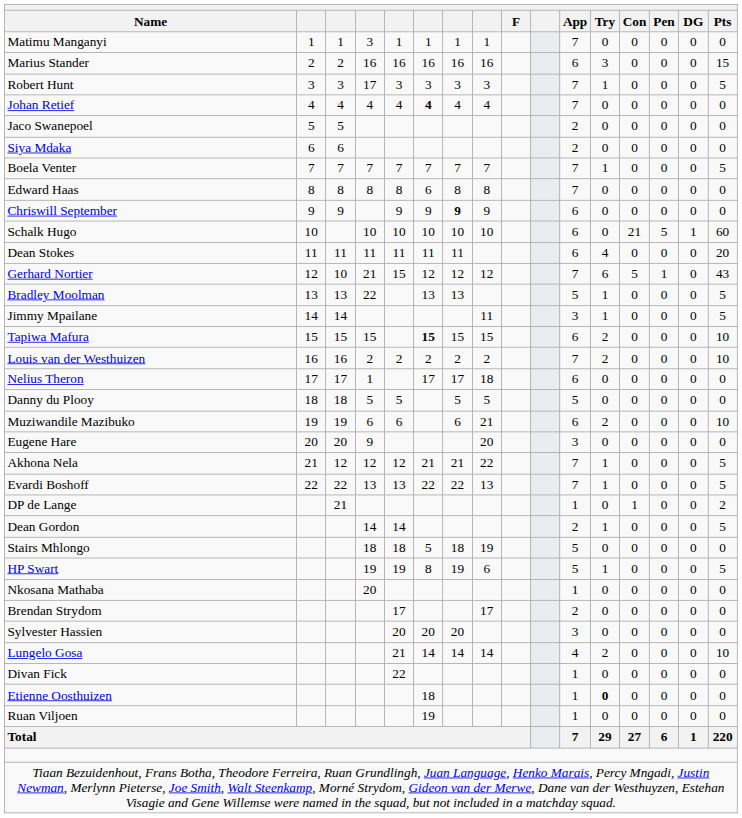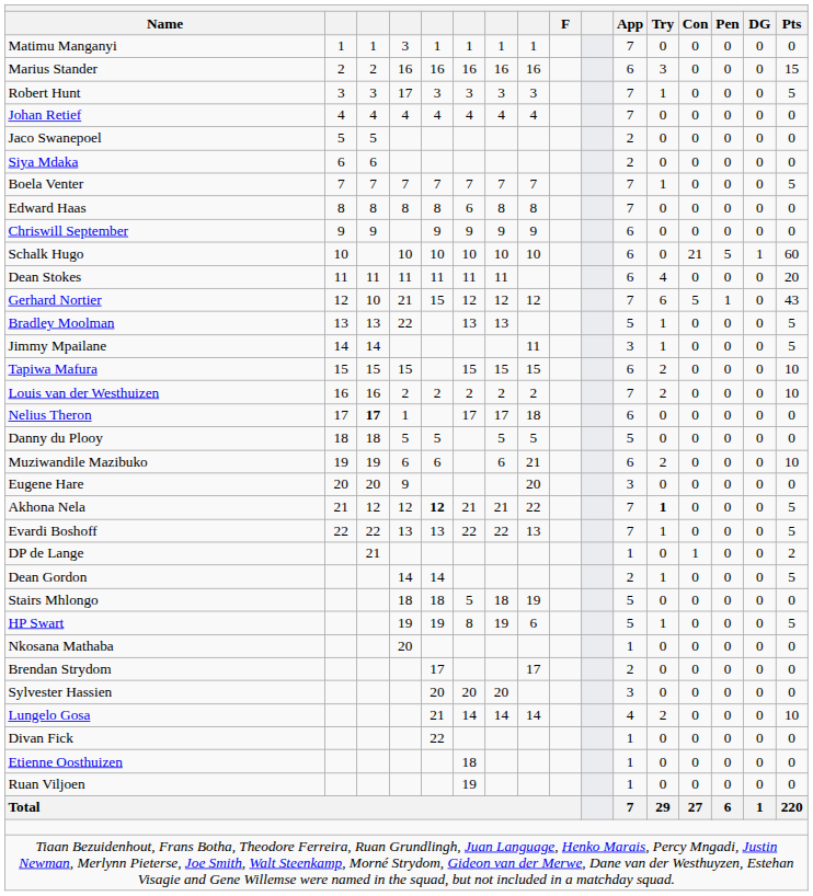 <table class="wikitable collapsible collapsed" style="text-align:center; font-size:100%; width:100%">
 <tr>
 <th colspan="100%"></th>
 </tr>
 <tr>
 <th style="width:40%;">Name</th>
 <th style="width:4%;"></th>
 <th style="width:4%;"></th>
 <th style="width:4%;"></th>
 <th style="width:4%;"></th>
 <th style="width:4%;"></th>
 <th style="width:4%;"></th>
 <th style="width:4%;"></th>
 <th style="width:4%;">F</th>
 <th style="width:4%;"></th>
 <th style="width:4%;">App</th>
 <th style="width:4%;">Try</th>
 <th style="width:4%;">Con</th>
 <th style="width:4%;">Pen</th>
 <th style="width:4%;">DG</th>
 <th style="width:4%;">Pts</th>
 </tr>
 <tr>
 <td style="text-align:left;">Matimu Manganyi</td>
 <td>1</td>
 <td>1</td>
 <td>3</td>
 <td>1</td>
 <td>1</td>
 <td>1</td>
 <td>1</td>
 <td></td>
 <td style="background:#EBECF0;"></td>
 <td>7</td>
 <td>0</td>
 <td>0</td>
 <td>0</td>
 <td>0</td>
 <td>0</td>
 </tr>
 <tr>
 <td style="text-align:left;">Marius Stander</td>
 <td>2</td>
 <td>2</td>
 <td>16</td>
 <td>16 </td>
 <td>16 </td>
 <td>16 </td>
 <td>16 </td>
 <td></td>
 <td style="background:#EBECF0;"></td>
 <td>6</td>
 <td>3</td>
 <td>0</td>
 <td>0</td>
 <td>0</td>
 <td>15</td>
 </tr>
 <tr>
 <td style="text-align:left;">Robert Hunt</td>
 <td>3</td>
 <td>3</td>
 <td>17 </td>
 <td>3</td>
 <td>3</td>
 <td>3</td>
 <td>3</td>
 <td></td>
 <td style="background:#EBECF0;"></td>
 <td>7</td>
 <td>1</td>
 <td>0</td>
 <td>0</td>
 <td>0</td>
 <td>5</td>
 </tr>
 <tr>
 <td style="text-align:left;"><a href='#'>Johan Retief</a></td>
 <td>4</td>
 <td>4</td>
 <td>4</td>
 <td>4</td>
-<td><strong>4</strong></td>
+<td>4</td>
 <td>4</td>
 <td>4</td>
 <td></td>
 <td style="background:#EBECF0;"></td>
 <td>7</td>
 <td>0</td>
 <td>0</td>
 <td>0</td>
 <td>0</td>
 <td>0</td>
 </tr>
 <tr>
 <td style="text-align:left;">Jaco Swanepoel</td>
 <td>5</td>
 <td>5</td>
 <td></td>
 <td></td>
 <td></td>
 <td></td>
 <td></td>
 <td></td>
 <td style="background:#EBECF0;"></td>
 <td>2</td>
 <td>0</td>
 <td>0</td>
 <td>0</td>
 <td>0</td>
 <td>0</td>
 </tr>
 <tr>
 <td style="text-align:left;"><a href='#'>Siya Mdaka</a></td>
 <td>6</td>
 <td>6</td>
 <td></td>
 <td></td>
 <td></td>
 <td></td>
 <td></td>
 <td></td>
 <td style="background:#EBECF0;"></td>
 <td>2</td>
 <td>0</td>
 <td>0</td>
 <td>0</td>
 <td>0</td>
 <td>0</td>
 </tr>
 <tr>
 <td style="text-align:left;">Boela Venter</td>
 <td>7</td>
 <td>7</td>
 <td>7</td>
 <td>7</td>
 <td>7</td>
 <td>7</td>
 <td>7</td>
 <td></td>
 <td style="background:#EBECF0;"></td>
 <td>7</td>
 <td>1</td>
 <td>0</td>
 <td>0</td>
 <td>0</td>
 <td>5</td>
 </tr>
 <tr>
 <td style="text-align:left;">Edward Haas</td>
 <td>8</td>
 <td>8</td>
 <td>8</td>
 <td>8</td>
 <td>6</td>
 <td>8</td>
 <td>8</td>
 <td></td>
 <td style="background:#EBECF0;"></td>
 <td>7</td>
 <td>0</td>
 <td>0</td>
 <td>0</td>
 <td>0</td>
 <td>0</td>
 </tr>
 <tr>
 <td style="text-align:left;"><a href='#'>Chriswill September</a></td>
 <td>9</td>
 <td>9</td>
 <td></td>
 <td>9</td>
 <td>9</td>
-<td><strong>9</strong></td>
+<td>9</td>
 <td>9</td>
 <td></td>
 <td style="background:#EBECF0;"></td>
 <td>6</td>
 <td>0</td>
 <td>0</td>
 <td>0</td>
 <td>0</td>
 <td>0</td>
 </tr>
 <tr>
 <td style="text-align:left;">Schalk Hugo</td>
 <td>10</td>
 <td></td>
 <td>10</td>
 <td>10</td>
 <td>10</td>
 <td>10</td>
 <td>10</td>
 <td></td>
 <td style="background:#EBECF0;"></td>
 <td>6</td>
 <td>0</td>
 <td>21</td>
 <td>5</td>
 <td>1</td>
 <td>60</td>
 </tr>
 <tr>
 <td style="text-align:left;">Dean Stokes</td>
 <td>11</td>
 <td>11</td>
 <td>11</td>
 <td>11</td>
 <td>11</td>
 <td>11</td>
 <td></td>
 <td></td>
 <td style="background:#EBECF0;"></td>
 <td>6</td>
 <td>4</td>
 <td>0</td>
 <td>0</td>
 <td>0</td>
 <td>20</td>
 </tr>
 <tr>
 <td style="text-align:left;"><a href='#'>Gerhard Nortier</a></td>
 <td>12</td>
 <td>10</td>
 <td>21 </td>
 <td>15</td>
 <td>12</td>
 <td>12</td>
 <td>12</td>
 <td></td>
 <td style="background:#EBECF0;"></td>
 <td>7</td>
 <td>6</td>
 <td>5</td>
 <td>1</td>
 <td>0</td>
 <td>43</td>
 </tr>
 <tr>
 <td style="text-align:left;"><a href='#'>Bradley Moolman</a></td>
 <td>13</td>
 <td>13</td>
 <td>22 </td>
 <td></td>
 <td>13</td>
 <td>13</td>
 <td></td>
 <td></td>
 <td style="background:#EBECF0;"></td>
 <td>5</td>
 <td>1</td>
 <td>0</td>
 <td>0</td>
 <td>0</td>
 <td>5</td>
 </tr>
 <tr>
 <td style="text-align:left;">Jimmy Mpailane</td>
 <td>14</td>
 <td>14</td>
 <td></td>
 <td></td>
 <td></td>
 <td></td>
 <td>11</td>
 <td></td>
 <td style="background:#EBECF0;"></td>
 <td>3</td>
 <td>1</td>
 <td>0</td>
 <td>0</td>
 <td>0</td>
 <td>5</td>
 </tr>
 <tr>
 <td style="text-align:left;"><a href='#'>Tapiwa Mafura</a></td>
 <td>15</td>
 <td>15</td>
 <td>15</td>
 <td></td>
-<td><strong>15</strong></td>
+<td>15</td>
 <td>15</td>
 <td>15</td>
 <td></td>
 <td style="background:#EBECF0;"></td>
 <td>6</td>
 <td>2</td>
 <td>0</td>
 <td>0</td>
 <td>0</td>
 <td>10</td>
 </tr>
 <tr>
 <td style="text-align:left;"><a href='#'>Louis van der Westhuizen</a></td>
 <td>16 </td>
 <td>16 </td>
 <td>2</td>
 <td>2</td>
 <td>2</td>
 <td>2</td>
 <td>2</td>
 <td></td>
 <td style="background:#EBECF0;"></td>
 <td>7</td>
 <td>2</td>
 <td>0</td>
 <td>0</td>
 <td>0</td>
 <td>10</td>
 </tr>
 <tr>
 <td style="text-align:left;"><a href='#'>Nelius Theron</a></td>
 <td>17 </td>
-<td>17 </td>
+<td><strong>17 </strong></td>
 <td>1</td>
 <td></td>
 <td>17 </td>
 <td>17 </td>
 <td>18 </td>
 <td></td>
 <td style="background:#EBECF0;"></td>
 <td>6</td>
 <td>0</td>
 <td>0</td>
 <td>0</td>
 <td>0</td>
 <td>0</td>
 </tr>
 <tr>
 <td style="text-align:left;">Danny du Plooy</td>
 <td>18</td>
 <td>18 </td>
 <td>5</td>
 <td>5</td>
 <td></td>
 <td>5</td>
 <td>5</td>
 <td></td>
 <td style="background:#EBECF0;"></td>
 <td>5</td>
 <td>0</td>
 <td>0</td>
 <td>0</td>
 <td>0</td>
 <td>0</td>
 </tr>
 <tr>
 <td style="text-align:left;">Muziwandile Mazibuko</td>
 <td>19 </td>
 <td>19 </td>
 <td>6</td>
 <td>6</td>
 <td></td>
 <td>6</td>
 <td>21 </td>
 <td></td>
 <td style="background:#EBECF0;"></td>
 <td>6</td>
 <td>2</td>
 <td>0</td>
 <td>0</td>
 <td>0</td>
 <td>10</td>
 </tr>
 <tr>
 <td style="text-align:left;">Eugene Hare</td>
 <td>20</td>
 <td>20 </td>
 <td>9</td>
 <td></td>
 <td></td>
 <td></td>
 <td>20 </td>
 <td></td>
 <td style="background:#EBECF0;"></td>
 <td>3</td>
 <td>0</td>
 <td>0</td>
 <td>0</td>
 <td>0</td>
 <td>0</td>
 </tr>
 <tr>
 <td style="text-align:left;">Akhona Nela</td>
 <td>21 </td>
 <td>12</td>
 <td>12</td>
-<td>12</td>
+<td><strong>12</strong></td>
 <td>21 </td>
 <td>21 </td>
 <td>22 </td>
 <td></td>
 <td style="background:#EBECF0;"></td>
 <td>7</td>
-<td>1</td>
+<td><strong>1</strong></td>
 <td>0</td>
 <td>0</td>
 <td>0</td>
 <td>5</td>
 </tr>
 <tr>
 <td style="text-align:left;">Evardi Boshoff</td>
 <td>22 </td>
 <td>22 </td>
 <td>13</td>
 <td>13</td>
 <td>22 </td>
 <td>22 </td>
 <td>13</td>
 <td></td>
 <td style="background:#EBECF0;"></td>
 <td>7</td>
 <td>1</td>
 <td>0</td>
 <td>0</td>
 <td>0</td>
 <td>5</td>
 </tr>
 <tr>
 <td style="text-align:left;">DP de Lange</td>
 <td></td>
 <td>21 </td>
 <td></td>
 <td></td>
 <td></td>
 <td></td>
 <td></td>
 <td></td>
 <td style="background:#EBECF0;"></td>
 <td>1</td>
 <td>0</td>
 <td>1</td>
 <td>0</td>
 <td>0</td>
 <td>2</td>
 </tr>
 <tr>
 <td style="text-align:left;">Dean Gordon</td>
 <td></td>
 <td></td>
 <td>14</td>
 <td>14</td>
 <td></td>
 <td></td>
 <td></td>
 <td></td>
 <td style="background:#EBECF0;"></td>
 <td>2</td>
 <td>1</td>
 <td>0</td>
 <td>0</td>
 <td>0</td>
 <td>5</td>
 </tr>
 <tr>
 <td style="text-align:left;">Stairs Mhlongo</td>
 <td></td>
 <td></td>
 <td>18 </td>
 <td>18 </td>
 <td>5</td>
 <td>18 </td>
 <td>19 </td>
 <td></td>
 <td style="background:#EBECF0;"></td>
 <td>5</td>
 <td>0</td>
 <td>0</td>
 <td>0</td>
 <td>0</td>
 <td>0</td>
 </tr>
 <tr>
 <td style="text-align:left;"><a href='#'>HP Swart</a></td>
 <td></td>
 <td></td>
 <td>19 </td>
 <td>19 </td>
 <td>8</td>
 <td>19 </td>
 <td>6</td>
 <td></td>
 <td style="background:#EBECF0;"></td>
 <td>5</td>
 <td>1</td>
 <td>0</td>
 <td>0</td>
 <td>0</td>
 <td>5</td>
 </tr>
 <tr>
 <td style="text-align:left;">Nkosana Mathaba</td>
 <td></td>
 <td></td>
 <td>20 </td>
 <td></td>
 <td></td>
 <td></td>
 <td></td>
 <td></td>
 <td style="background:#EBECF0;"></td>
 <td>1</td>
 <td>0</td>
 <td>0</td>
 <td>0</td>
 <td>0</td>
 <td>0</td>
 </tr>
 <tr>
 <td style="text-align:left;">Brendan Strydom</td>
 <td></td>
 <td></td>
 <td></td>
 <td>17 </td>
 <td></td>
 <td></td>
 <td>17 </td>
 <td></td>
 <td style="background:#EBECF0;"></td>
 <td>2</td>
 <td>0</td>
 <td>0</td>
 <td>0</td>
 <td>0</td>
 <td>0</td>
 </tr>
 <tr>
 <td style="text-align:left;">Sylvester Hassien</td>
 <td></td>
 <td></td>
 <td></td>
 <td>20 </td>
 <td>20 </td>
 <td>20 </td>
 <td></td>
 <td></td>
 <td style="background:#EBECF0;"></td>
 <td>3</td>
 <td>0</td>
 <td>0</td>
 <td>0</td>
 <td>0</td>
 <td>0</td>
 </tr>
 <tr>
 <td style="text-align:left;"><a href='#'>Lungelo Gosa</a></td>
 <td></td>
 <td></td>
 <td></td>
 <td>21 </td>
 <td>14</td>
 <td>14</td>
 <td>14</td>
 <td></td>
 <td style="background:#EBECF0;"></td>
 <td>4</td>
 <td>2</td>
 <td>0</td>
 <td>0</td>
 <td>0</td>
 <td>10</td>
 </tr>
 <tr>
 <td style="text-align:left;">Divan Fick</td>
 <td></td>
 <td></td>
 <td></td>
 <td>22 </td>
 <td></td>
 <td></td>
 <td></td>
 <td></td>
 <td style="background:#EBECF0;"></td>
 <td>1</td>
 <td>0</td>
 <td>0</td>
 <td>0</td>
 <td>0</td>
 <td>0</td>
 </tr>
 <tr>
 <td style="text-align:left;"><a href='#'>Etienne Oosthuizen</a></td>
 <td></td>
 <td></td>
 <td></td>
 <td></td>
 <td>18 </td>
 <td></td>
 <td></td>
 <td></td>
 <td style="background:#EBECF0;"></td>
 <td>1</td>
-<td><strong>0</strong></td>
+<td>0</td>
 <td>0</td>
 <td>0</td>
 <td>0</td>
 <td>0</td>
 </tr>
 <tr>
 <td style="text-align:left;">Ruan Viljoen</td>
 <td></td>
 <td></td>
 <td></td>
 <td></td>
 <td>19 </td>
 <td></td>
 <td></td>
 <td></td>
 <td style="background:#EBECF0;"></td>
 <td>1</td>
 <td>0</td>
 <td>0</td>
 <td>0</td>
 <td>0</td>
 <td>0</td>
 </tr>
 <tr>
 <th colspan="9" style="text-align:left;">Total</th>
 <th style="background:#EBECF0;"></th>
 <th>7</th>
 <th>29</th>
 <th>27</th>
 <th>6</th>
 <th>1</th>
 <th>220</th>
 </tr>
 <tr class="sortbottom">
 <td colspan="100%" style="height: 10px;"></td>
 </tr>
 <tr class="sortbottom">
 <td colspan="100%" style="text-align:center;"><em>Tiaan Bezuidenhout, Frans Botha, Theodore Ferreira, Ruan Grundlingh, <a href='#'>Juan Language</a>, <a href='#'>Henko Marais</a>, Percy Mngadi, <a href='#'>Justin Newman</a>, Merlynn Pieterse, <a href='#'>Joe Smith</a>, <a href='#'>Walt Steenkamp</a>, Morné Strydom, <a href='#'>Gideon van der Merwe</a>, Dane van der Westhuyzen, Estehan Visagie and Gene Willemse were named in the squad, but not included in a matchday squad.</em></td>
 </tr>
 </table>
